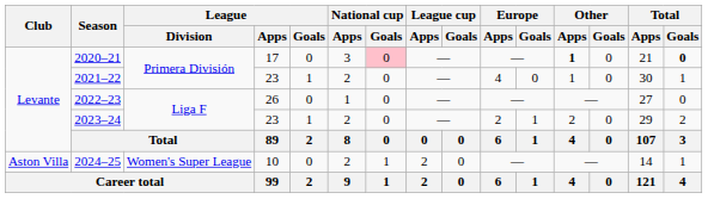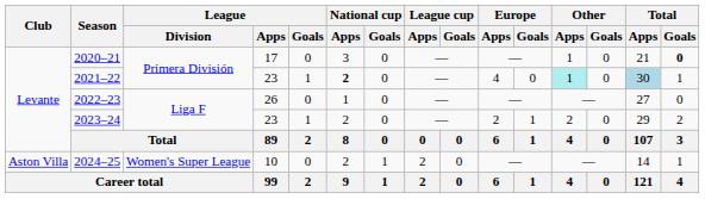 <table class="wikitable" style="text-align:center">
 <tr>
 <th rowspan="2">Club</th>
 <th rowspan="2">Season</th>
 <th colspan="3">League</th>
 <th colspan="2">National cup</th>
 <th colspan="2">League cup</th>
 <th colspan="2">Europe</th>
 <th colspan="2">Other</th>
 <th colspan="2">Total</th>
 </tr>
 <tr>
 <th>Division</th>
 <th>Apps</th>
 <th>Goals</th>
 <th>Apps</th>
 <th>Goals</th>
 <th>Apps</th>
 <th>Goals</th>
 <th>Apps</th>
 <th>Goals</th>
 <th>Apps</th>
 <th>Goals</th>
 <th>Apps</th>
 <th>Goals</th>
 </tr>
 <tr>
 <td rowspan="5"><a href='#'>Levante</a></td>
 <td><a href='#'>2020–21</a></td>
 <td rowspan="2"><a href='#'>Primera División</a></td>
 <td>17</td>
 <td>0</td>
 <td>3</td>
-<td style="background: pink;">0</td>
+<td>0</td>
 <td colspan="2">—</td>
 <td colspan="2">—</td>
-<td><strong>1</strong></td>
+<td>1</td>
 <td>0</td>
 <td>21</td>
 <td><strong>0</strong></td>
 </tr>
 <tr>
 <td><a href='#'>2021–22</a></td>
 <td>23</td>
 <td>1</td>
-<td>2</td>
+<td><strong>2</strong></td>
 <td>0</td>
 <td colspan="2">—</td>
 <td>4</td>
 <td>0</td>
-<td>1</td>
+<td style="background: paleturquoise;">1</td>
 <td>0</td>
-<td>30</td>
+<td style="background: lightblue;">30</td>
 <td>1</td>
 </tr>
 <tr>
 <td><a href='#'>2022–23</a></td>
 <td rowspan="2"><a href='#'>Liga F</a></td>
 <td>26</td>
 <td>0</td>
 <td>1</td>
 <td>0</td>
 <td colspan="2">—</td>
 <td colspan="2">—</td>
 <td colspan="2">—</td>
 <td>27</td>
 <td>0</td>
 </tr>
 <tr>
 <td><a href='#'>2023–24</a></td>
 <td>23</td>
 <td>1</td>
 <td>2</td>
 <td>0</td>
 <td colspan="2">—</td>
 <td>2</td>
 <td>1</td>
 <td>2</td>
 <td>0</td>
 <td>29</td>
 <td>2</td>
 </tr>
 <tr>
 <th colspan="2">Total</th>
 <th>89</th>
 <th>2</th>
 <th>8</th>
 <th>0</th>
 <th>0</th>
 <th>0</th>
 <th>6</th>
 <th>1</th>
 <th>4</th>
 <th>0</th>
 <th>107</th>
 <th>3</th>
 </tr>
 <tr>
 <td><a href='#'>Aston Villa</a></td>
 <td><a href='#'>2024–25</a></td>
 <td><a href='#'>Women's Super League</a></td>
 <td>10</td>
 <td>0</td>
 <td>2</td>
 <td>1</td>
 <td>2</td>
 <td>0</td>
 <td colspan="2">—</td>
 <td colspan="2">—</td>
 <td>14</td>
 <td>1</td>
 </tr>
 <tr>
 <th colspan="3">Career total</th>
 <th>99</th>
 <th>2</th>
 <th>9</th>
 <th>1</th>
 <th>2</th>
 <th>0</th>
 <th>6</th>
 <th>1</th>
 <th>4</th>
 <th>0</th>
 <th>121</th>
 <th>4</th>
 </tr>
 </table>
